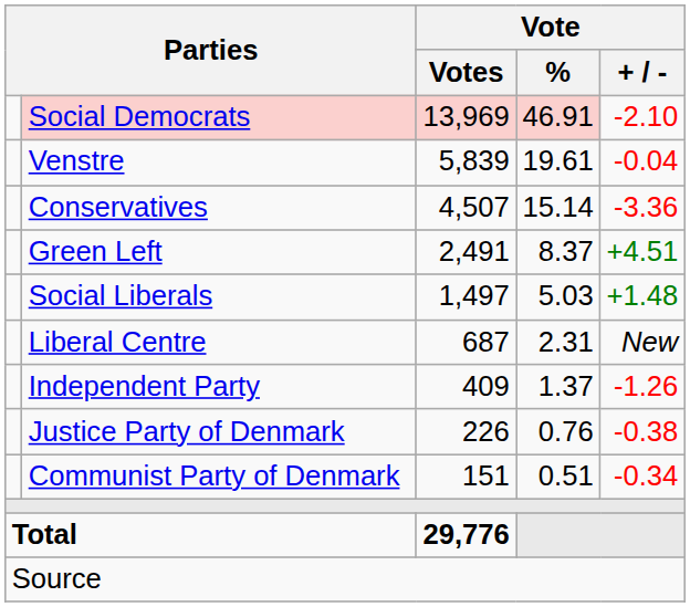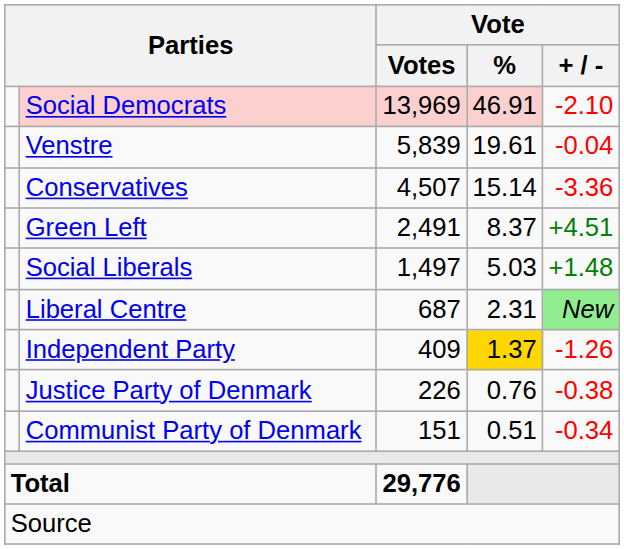 <table class="wikitable" style="text-align:right;">
 <tr>
 <th style="text-align:centre;" rowspan="2" colspan="2" width="225">Parties</th>
 <th colspan="3">Vote</th>
 </tr>
 <tr>
 <th width="15">Votes</th>
 <th width="15">%</th>
 <th width="15">+ / -</th>
 </tr>
 <tr>
 <td width="2" style="color:inherit;background:"></td>
 <td bgcolor=#fbd0ce  align="left"><a href='#'>Social Democrats</a></td>
 <td bgcolor=#fbd0ce>13,969</td>
 <td bgcolor=#fbd0ce>46.91</td>
 <td style=color:red;>-2.10</td>
 </tr>
 <tr>
 <td width="2" style="color:inherit;background:"></td>
 <td align="left"><a href='#'>Venstre</a></td>
 <td>5,839</td>
 <td>19.61</td>
 <td style=color:red;>-0.04</td>
 </tr>
 <tr>
 <td width="2" style="color:inherit;background:"></td>
 <td align="left"><a href='#'>Conservatives</a></td>
 <td>4,507</td>
 <td>15.14</td>
 <td style=color:red;>-3.36</td>
 </tr>
 <tr>
 <td width="2" style="color:inherit;background:"></td>
 <td align="left"><a href='#'>Green Left</a></td>
 <td>2,491</td>
 <td>8.37</td>
 <td style=color:green;>+4.51</td>
 </tr>
 <tr>
 <td width="2" style="color:inherit;background:"></td>
 <td align="left"><a href='#'>Social Liberals</a></td>
 <td>1,497</td>
 <td>5.03</td>
 <td style=color:green;>+1.48</td>
 </tr>
 <tr>
 <td width="2" style="color:inherit;background:"></td>
 <td align="left"><a href='#'>Liberal Centre</a></td>
 <td>687</td>
 <td>2.31</td>
-<td><em>New</em></td>
+<td style="background: lightgreen;"><em>New</em></td>
 </tr>
 <tr>
 <td width="2" style="color:inherit;background:"></td>
 <td align="left"><a href='#'>Independent Party</a></td>
 <td>409</td>
-<td>1.37</td>
+<td style="background: gold;">1.37</td>
 <td style=color:red;>-1.26</td>
 </tr>
 <tr>
 <td width="2" style="color:inherit;background:"></td>
 <td align="left"><a href='#'>Justice Party of Denmark</a></td>
 <td>226</td>
 <td>0.76</td>
 <td style=color:red;>-0.38</td>
 </tr>
 <tr>
 <td width="2" style="color:inherit;background:"></td>
 <td align="left"><a href='#'>Communist Party of Denmark</a></td>
 <td>151</td>
 <td>0.51</td>
 <td style=color:red;>-0.34</td>
 </tr>
 <tr>
 <td colspan="7" bgcolor="#E9E9E9"></td>
 </tr>
 <tr>
 <td align="left" colspan="2"><strong>Total</strong></td>
 <td><strong>29,776</strong></td>
 <td bgcolor="#E9E9E9" colspan="2"></td>
 </tr>
 <tr>
 <td align="left" colspan="6">Source</td>
 </tr>
 </table>
